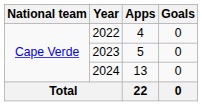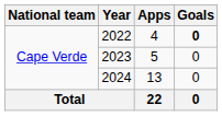 <table class="wikitable" style="text-align: center;">
 <tr>
 <th>National team</th>
 <th>Year</th>
 <th>Apps</th>
 <th>Goals</th>
 </tr>
 <tr>
 <td rowspan="3"><a href='#'>Cape Verde</a></td>
 <td>2022</td>
 <td>4</td>
-<td>0</td>
+<td><strong>0</strong></td>
 </tr>
 <tr>
 <td>2023</td>
 <td>5</td>
 <td>0</td>
 </tr>
 <tr>
 <td>2024</td>
 <td>13</td>
 <td>0</td>
 </tr>
 <tr>
 <th colspan="2">Total</th>
 <th>22</th>
 <th>0</th>
 </tr>
 </table>
